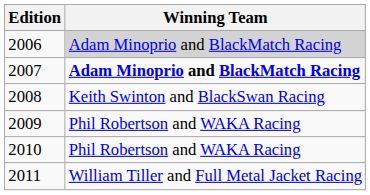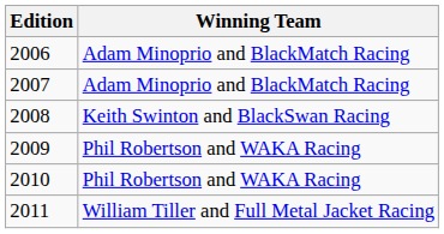 <table class="wikitable">
 <tr>
 <th>Edition</th>
 <th>Winning Team</th>
 </tr>
 <tr>
 <td>2006</td>
-<td style="background: lightgrey;"><a href='#'>Adam Minoprio</a> and <a href='#'>BlackMatch Racing</a></td>
+<td><a href='#'>Adam Minoprio</a> and <a href='#'>BlackMatch Racing</a></td>
 </tr>
 <tr>
 <td>2007</td>
-<td><strong><a href='#'>Adam Minoprio</a> and <a href='#'>BlackMatch Racing</a></strong></td>
+<td><a href='#'>Adam Minoprio</a> and <a href='#'>BlackMatch Racing</a></td>
 </tr>
 <tr>
 <td>2008</td>
 <td><a href='#'>Keith Swinton</a> and <a href='#'>BlackSwan Racing</a></td>
 </tr>
 <tr>
 <td>2009</td>
 <td><a href='#'>Phil Robertson</a> and <a href='#'>WAKA Racing</a></td>
 </tr>
 <tr>
 <td>2010</td>
 <td><a href='#'>Phil Robertson</a> and <a href='#'>WAKA Racing</a></td>
 </tr>
 <tr>
 <td>2011</td>
 <td><a href='#'>William Tiller</a> and <a href='#'>Full Metal Jacket Racing</a></td>
 </tr>
 </table>
